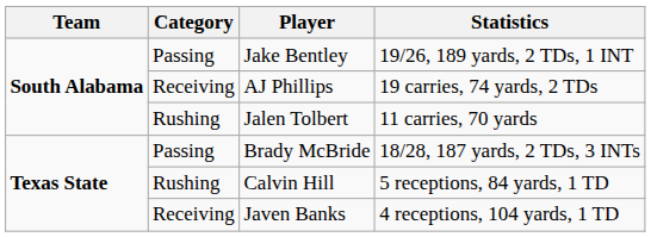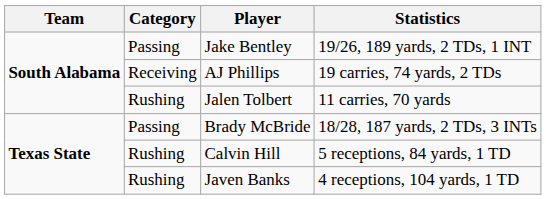 <table class="wikitable" style="float: left;">
 <tr>
 <th>Team</th>
 <th>Category</th>
 <th>Player</th>
 <th>Statistics</th>
 </tr>
 <tr>
 <td rowspan=3><strong>South Alabama</strong></td>
 <td>Passing</td>
 <td>Jake Bentley</td>
 <td>19/26, 189 yards, 2 TDs, 1 INT</td>
 </tr>
 <tr>
 <td>Receiving</td>
 <td>AJ Phillips</td>
 <td>19 carries, 74 yards, 2 TDs</td>
 </tr>
 <tr>
 <td>Rushing</td>
 <td>Jalen Tolbert</td>
 <td>11 carries, 70 yards</td>
 </tr>
 <tr>
 <td rowspan=3><strong>Texas State</strong></td>
 <td>Passing</td>
 <td>Brady McBride</td>
 <td>18/28, 187 yards, 2 TDs, 3 INTs</td>
 </tr>
 <tr>
 <td>Rushing</td>
 <td>Calvin Hill</td>
 <td>5 receptions, 84 yards, 1 TD</td>
 </tr>
 <tr>
-<td>Receiving</td>
+<td>Rushing</td>
 <td>Javen Banks</td>
 <td>4 receptions, 104 yards, 1 TD</td>
 </tr>
 </table>
